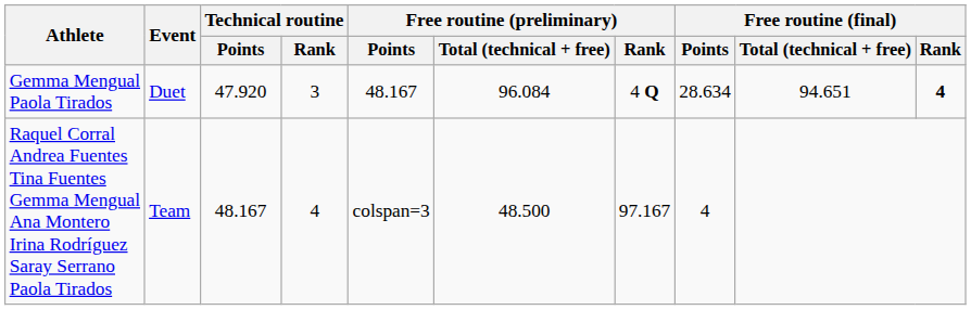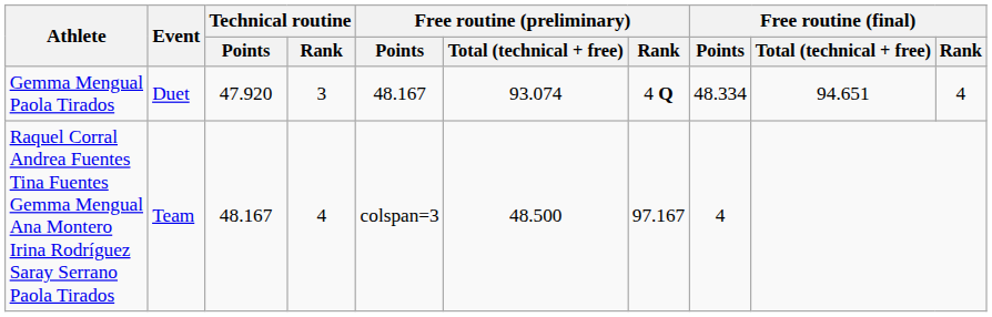 <table class="wikitable" style="font-size:90%">
 <tr>
 <th rowspan="2">Athlete</th>
 <th rowspan="2">Event</th>
 <th colspan=2>Technical routine</th>
 <th colspan=3>Free routine (preliminary)</th>
 <th colspan=3>Free routine (final)</th>
 </tr>
 <tr style="font-size:95%">
 <th>Points</th>
 <th>Rank</th>
 <th>Points</th>
 <th>Total (technical + free)</th>
 <th>Rank</th>
 <th>Points</th>
 <th>Total (technical + free)</th>
 <th>Rank</th>
 </tr>
 <tr align=center>
 <td align=left><a href='#'>Gemma Mengual</a><br><a href='#'>Paola Tirados</a></td>
 <td align=left><a href='#'>Duet</a></td>
 <td>47.920</td>
 <td>3</td>
 <td>48.167</td>
-<td>96.084</td>
+<td>93.074</td>
 <td>4 <strong>Q</strong></td>
-<td>28.634</td>
+<td>48.334</td>
 <td>94.651</td>
-<td><strong>4</strong></td>
+<td>4</td>
 </tr>
 <tr align=center>
 <td align=left><a href='#'>Raquel Corral</a><br><a href='#'>Andrea Fuentes</a><br><a href='#'>Tina Fuentes</a><br><a href='#'>Gemma Mengual</a><br><a href='#'>Ana Montero</a><br><a href='#'>Irina Rodríguez</a><br><a href='#'>Saray Serrano</a><br><a href='#'>Paola Tirados</a></td>
 <td align=left><a href='#'>Team</a></td>
 <td>48.167</td>
 <td>4</td>
 <td>colspan=3 </td>
 <td>48.500</td>
 <td>97.167</td>
 <td>4</td>
 </tr>
 </table>
